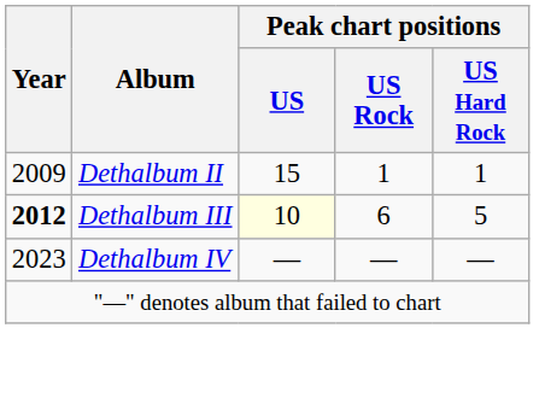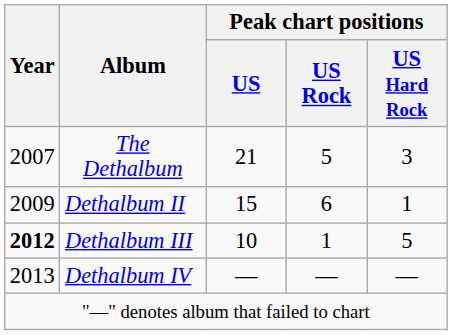 <table class="wikitable" style="text-align:center;">
 <tr>
 <th rowspan="2">Year</th>
 <th rowspan="2">Album</th>
 <th colspan="3">Peak chart positions</th>
 </tr>
 <tr>
 <th style="width:50px;"><a href='#'>US</a></th>
 <th style="width:50px;"><a href='#'>US<br>Rock</a></th>
 <th style="width:50px;"><a href='#'>US<br><small>Hard Rock</small></a></th>
 </tr>
 <tr>
+<td>2007</td>
+<td style="width:97px;"><em><a href='#'>The Dethalbum</a></em></td>
+<td>21</td>
+<td>5</td>
+<td>3</td>
+</tr>
+<tr>
 <td>2009</td>
 <td style="text-align:left;"><em><a href='#'>Dethalbum II</a></em></td>
 <td>15</td>
-<td>1</td>
+<td>6</td>
 <td>1</td>
 </tr>
 <tr>
 <td><strong>2012</strong></td>
 <td style="text-align:left;"><em><a href='#'>Dethalbum III</a></em></td>
-<td style="background: lightyellow;">10</td>
-<td>6</td>
+<td>10</td>
+<td>1</td>
 <td>5</td>
 </tr>
 <tr>
-<td>2023</td>
+<td>2013</td>
 <td style="text-align:left;"><em><a href='#'>Dethalbum IV</a></em></td>
 <td>—</td>
 <td>—</td>
 <td>—</td>
 </tr>
 <tr>
 <td style="text-align:center;" colspan="5"><small>"—" denotes album that failed to chart</small></td>
 </tr>
 </table>
